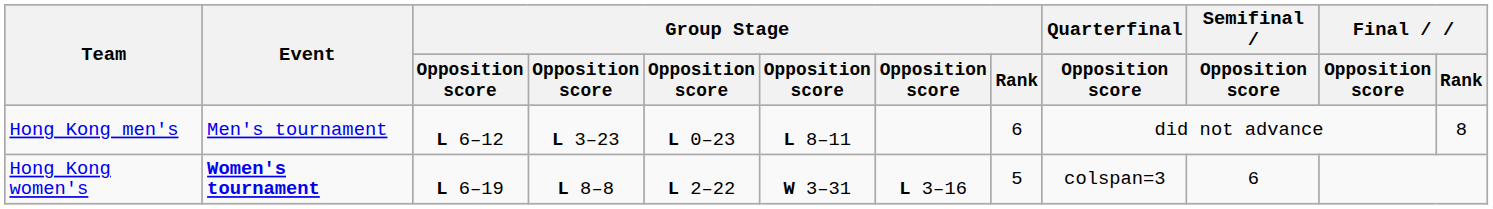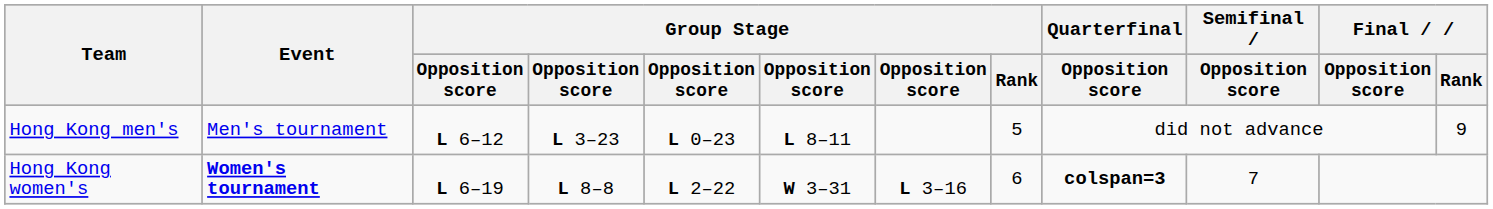 <table class=wikitable style=font-size:85%;text-align:center>
 <tr>
 <th rowspan=2>Team</th>
 <th rowspan=2>Event</th>
 <th colspan=6>Group Stage</th>
 <th>Quarterfinal</th>
 <th>Semifinal / </th>
 <th colspan=2>Final /  / </th>
 </tr>
 <tr style="font-size:95%">
 <th>Opposition<br> score</th>
 <th>Opposition<br> score</th>
 <th>Opposition<br> score</th>
 <th>Opposition<br> score</th>
 <th>Opposition<br> score</th>
 <th>Rank</th>
 <th>Opposition<br> score</th>
 <th>Opposition<br> score</th>
 <th>Opposition<br> score</th>
 <th>Rank</th>
 </tr>
 <tr>
 <td align=left><a href='#'>Hong Kong men's</a></td>
 <td align=left><a href='#'>Men's tournament</a></td>
 <td><br><strong>L</strong> 6–12</td>
 <td><br><strong>L</strong> 3–23</td>
 <td><br><strong>L</strong> 0–23</td>
 <td><br><strong>L</strong> 8–11</td>
 <td></td>
-<td>6</td>
+<td>5</td>
 <td colspan=3>did not advance</td>
-<td>8</td>
+<td>9</td>
 </tr>
 <tr>
 <td align=left><a href='#'>Hong Kong women's</a></td>
 <td align=left><strong><a href='#'>Women's tournament</a></strong></td>
 <td><br><strong>L</strong> 6–19</td>
 <td><br><strong>L</strong> 8–8</td>
 <td><br><strong>L</strong> 2–22</td>
 <td><br><strong>W</strong> 3–31</td>
 <td><br><strong>L</strong> 3–16</td>
-<td>5</td>
-<td>colspan=3 </td>
 <td>6</td>
+<td><strong>colspan=3 </strong></td>
+<td>7</td>
 </tr>
 </table>
